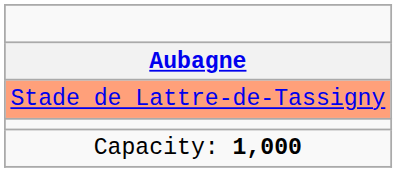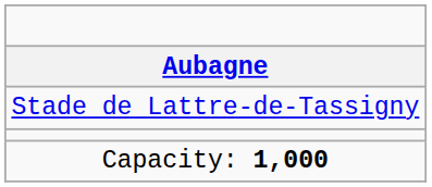 <table class="wikitable" style="text-align:center">
 <tr>
 <td colspan="2"><br></td>
 </tr>
 <tr>
 <th><a href='#'>Aubagne</a></th>
 </tr>
 <tr>
-<td style="background: lightsalmon;"><a href='#'>Stade de Lattre-de-Tassigny</a></td>
+<td><a href='#'>Stade de Lattre-de-Tassigny</a></td>
 </tr>
 <tr>
 <td></td>
 </tr>
 <tr>
 <td>Capacity: <strong>1,000</strong></td>
 </tr>
 </table>
